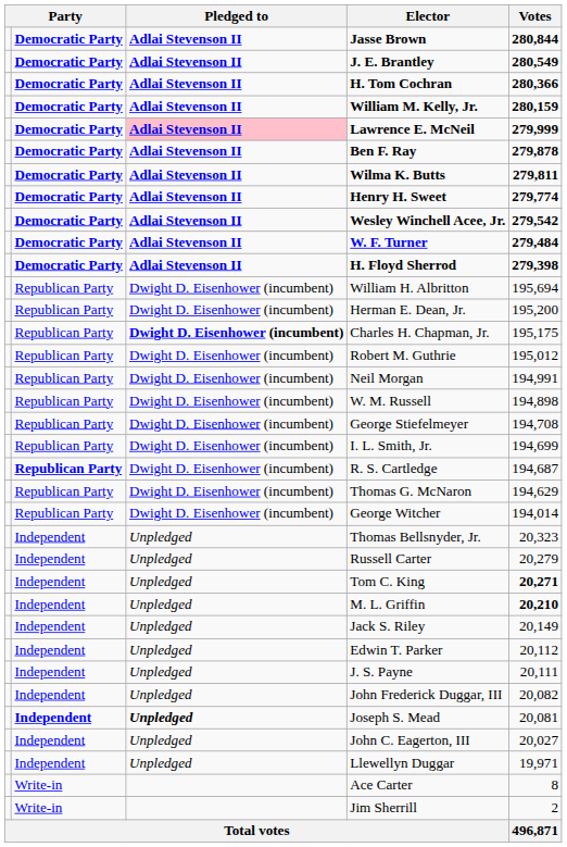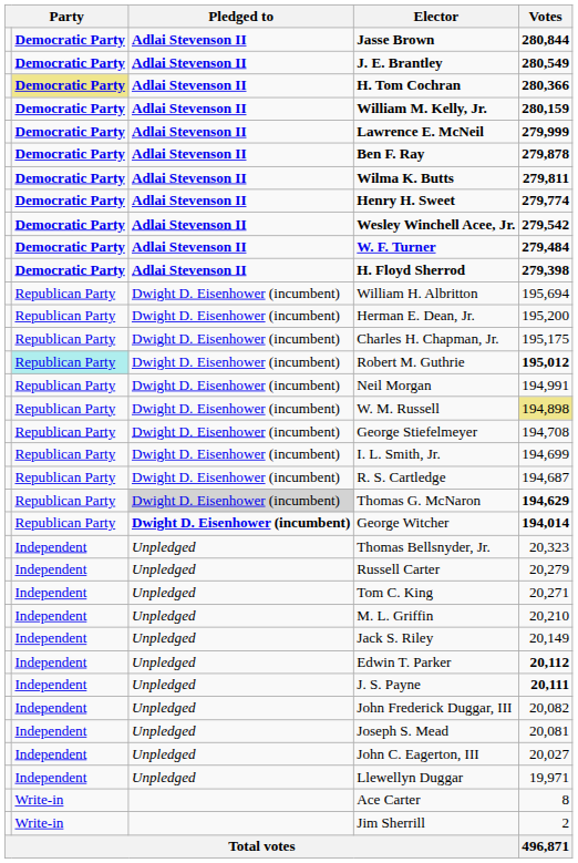 <table class="wikitable">
 <tr>
 <th colspan=2>Party</th>
 <th>Pledged to</th>
 <th>Elector</th>
 <th>Votes</th>
 </tr>
 <tr style="font-weight:bold">
 <td bgcolor=></td>
 <td><a href='#'>Democratic Party</a></td>
 <td><a href='#'>Adlai Stevenson II</a></td>
 <td>Jasse Brown</td>
 <td align=right>280,844</td>
 </tr>
 <tr style="font-weight:bold">
 <td bgcolor=></td>
 <td><a href='#'>Democratic Party</a></td>
 <td><a href='#'>Adlai Stevenson II</a></td>
 <td>J. E. Brantley</td>
 <td align=right>280,549</td>
 </tr>
 <tr style="font-weight:bold">
 <td bgcolor=></td>
-<td><a href='#'>Democratic Party</a></td>
+<td style="background: khaki;"><a href='#'>Democratic Party</a></td>
 <td><a href='#'>Adlai Stevenson II</a></td>
 <td>H. Tom Cochran</td>
 <td align=right>280,366</td>
 </tr>
 <tr style="font-weight:bold">
 <td bgcolor=></td>
 <td><a href='#'>Democratic Party</a></td>
 <td><a href='#'>Adlai Stevenson II</a></td>
 <td>William M. Kelly, Jr.</td>
 <td align=right>280,159</td>
 </tr>
 <tr style="font-weight:bold">
 <td bgcolor=></td>
 <td><a href='#'>Democratic Party</a></td>
-<td style="background: pink;"><a href='#'>Adlai Stevenson II</a></td>
+<td><a href='#'>Adlai Stevenson II</a></td>
 <td>Lawrence E. McNeil</td>
 <td align=right>279,999</td>
 </tr>
 <tr style="font-weight:bold">
 <td bgcolor=></td>
 <td><a href='#'>Democratic Party</a></td>
 <td><a href='#'>Adlai Stevenson II</a></td>
 <td>Ben F. Ray</td>
 <td align=right>279,878</td>
 </tr>
 <tr style="font-weight:bold">
 <td bgcolor=></td>
 <td><a href='#'>Democratic Party</a></td>
 <td><a href='#'>Adlai Stevenson II</a></td>
 <td>Wilma K. Butts</td>
 <td align=right>279,811</td>
 </tr>
 <tr style="font-weight:bold">
 <td bgcolor=></td>
 <td><a href='#'>Democratic Party</a></td>
 <td><a href='#'>Adlai Stevenson II</a></td>
 <td>Henry H. Sweet</td>
 <td align=right>279,774</td>
 </tr>
 <tr style="font-weight:bold">
 <td bgcolor=></td>
 <td><a href='#'>Democratic Party</a></td>
 <td><a href='#'>Adlai Stevenson II</a></td>
 <td>Wesley Winchell Acee, Jr.</td>
 <td align=right>279,542</td>
 </tr>
 <tr style="font-weight:bold">
 <td bgcolor=></td>
 <td><a href='#'>Democratic Party</a></td>
 <td><a href='#'>Adlai Stevenson II</a></td>
 <td><a href='#'>W. F. Turner</a></td>
 <td align=right>279,484</td>
 </tr>
 <tr style="font-weight:bold">
 <td bgcolor=></td>
 <td><a href='#'>Democratic Party</a></td>
 <td><a href='#'>Adlai Stevenson II</a></td>
 <td>H. Floyd Sherrod</td>
 <td align=right>279,398</td>
 </tr>
 <tr>
 <td bgcolor=></td>
 <td><a href='#'>Republican Party</a></td>
 <td><a href='#'>Dwight D. Eisenhower</a> (incumbent)</td>
 <td>William H. Albritton</td>
 <td align=right>195,694</td>
 </tr>
 <tr>
 <td bgcolor=></td>
 <td><a href='#'>Republican Party</a></td>
 <td><a href='#'>Dwight D. Eisenhower</a> (incumbent)</td>
 <td>Herman E. Dean, Jr.</td>
 <td align=right>195,200</td>
 </tr>
 <tr>
 <td bgcolor=></td>
 <td><a href='#'>Republican Party</a></td>
-<td><strong><a href='#'>Dwight D. Eisenhower</a> (incumbent)</strong></td>
+<td><a href='#'>Dwight D. Eisenhower</a> (incumbent)</td>
 <td>Charles H. Chapman, Jr.</td>
 <td align=right>195,175</td>
 </tr>
 <tr>
 <td bgcolor=></td>
-<td><a href='#'>Republican Party</a></td>
+<td style="background: paleturquoise;"><a href='#'>Republican Party</a></td>
 <td><a href='#'>Dwight D. Eisenhower</a> (incumbent)</td>
 <td>Robert M. Guthrie</td>
-<td align=right>195,012</td>
+<td align=right><strong>195,012</strong></td>
 </tr>
 <tr>
 <td bgcolor=></td>
 <td><a href='#'>Republican Party</a></td>
 <td><a href='#'>Dwight D. Eisenhower</a> (incumbent)</td>
 <td>Neil Morgan</td>
 <td align=right>194,991</td>
 </tr>
 <tr>
 <td bgcolor=></td>
 <td><a href='#'>Republican Party</a></td>
 <td><a href='#'>Dwight D. Eisenhower</a> (incumbent)</td>
 <td>W. M. Russell</td>
-<td align=right>194,898</td>
+<td align=right style="background: khaki;">194,898</td>
 </tr>
 <tr>
 <td bgcolor=></td>
 <td><a href='#'>Republican Party</a></td>
 <td><a href='#'>Dwight D. Eisenhower</a> (incumbent)</td>
 <td>George Stiefelmeyer</td>
 <td align=right>194,708</td>
 </tr>
 <tr>
 <td bgcolor=></td>
 <td><a href='#'>Republican Party</a></td>
 <td><a href='#'>Dwight D. Eisenhower</a> (incumbent)</td>
 <td>I. L. Smith, Jr.</td>
 <td align=right>194,699</td>
 </tr>
 <tr>
 <td bgcolor=></td>
-<td><strong><a href='#'>Republican Party</a></strong></td>
+<td><a href='#'>Republican Party</a></td>
 <td><a href='#'>Dwight D. Eisenhower</a> (incumbent)</td>
 <td>R. S. Cartledge</td>
 <td align=right>194,687</td>
 </tr>
 <tr>
 <td bgcolor=></td>
 <td><a href='#'>Republican Party</a></td>
-<td><a href='#'>Dwight D. Eisenhower</a> (incumbent)</td>
+<td style="background: lightgrey;"><a href='#'>Dwight D. Eisenhower</a> (incumbent)</td>
 <td>Thomas G. McNaron</td>
-<td align=right>194,629</td>
+<td align=right><strong>194,629</strong></td>
 </tr>
 <tr>
 <td bgcolor=></td>
 <td><a href='#'>Republican Party</a></td>
-<td><a href='#'>Dwight D. Eisenhower</a> (incumbent)</td>
+<td><strong><a href='#'>Dwight D. Eisenhower</a> (incumbent)</strong></td>
 <td>George Witcher</td>
-<td align=right>194,014</td>
+<td align=right><strong>194,014</strong></td>
 </tr>
 <tr>
 <td bgcolor=></td>
 <td><a href='#'>Independent</a></td>
 <td><em>Unpledged</em></td>
 <td>Thomas Bellsnyder, Jr.</td>
 <td align=right>20,323</td>
 </tr>
 <tr>
 <td bgcolor=></td>
 <td><a href='#'>Independent</a></td>
 <td><em>Unpledged</em></td>
 <td>Russell Carter</td>
 <td align=right>20,279</td>
 </tr>
 <tr>
 <td bgcolor=></td>
 <td><a href='#'>Independent</a></td>
 <td><em>Unpledged</em></td>
 <td>Tom C. King</td>
-<td align=right><strong>20,271</strong></td>
+<td align=right>20,271</td>
 </tr>
 <tr>
 <td bgcolor=></td>
 <td><a href='#'>Independent</a></td>
 <td><em>Unpledged</em></td>
 <td>M. L. Griffin</td>
-<td align=right><strong>20,210</strong></td>
+<td align=right>20,210</td>
 </tr>
 <tr>
 <td bgcolor=></td>
 <td><a href='#'>Independent</a></td>
 <td><em>Unpledged</em></td>
 <td>Jack S. Riley</td>
 <td align=right>20,149</td>
 </tr>
 <tr>
 <td bgcolor=></td>
 <td><a href='#'>Independent</a></td>
 <td><em>Unpledged</em></td>
 <td>Edwin T. Parker</td>
-<td align=right>20,112</td>
+<td align=right><strong>20,112</strong></td>
 </tr>
 <tr>
 <td bgcolor=></td>
 <td><a href='#'>Independent</a></td>
 <td><em>Unpledged</em></td>
 <td>J. S. Payne</td>
-<td align=right>20,111</td>
+<td align=right><strong>20,111</strong></td>
 </tr>
 <tr>
 <td bgcolor=></td>
 <td><a href='#'>Independent</a></td>
 <td><em>Unpledged</em></td>
 <td>John Frederick Duggar, III</td>
 <td align=right>20,082</td>
 </tr>
 <tr>
 <td bgcolor=></td>
-<td><strong><a href='#'>Independent</a></strong></td>
-<td><strong><em>Unpledged</em></strong></td>
+<td><a href='#'>Independent</a></td>
+<td><em>Unpledged</em></td>
 <td>Joseph S. Mead</td>
 <td align=right>20,081</td>
 </tr>
 <tr>
 <td bgcolor=></td>
 <td><a href='#'>Independent</a></td>
 <td><em>Unpledged</em></td>
 <td>John C. Eagerton, III</td>
 <td align=right>20,027</td>
 </tr>
 <tr>
 <td bgcolor=></td>
 <td><a href='#'>Independent</a></td>
 <td><em>Unpledged</em></td>
 <td>Llewellyn Duggar</td>
 <td align=right>19,971</td>
 </tr>
 <tr>
 <td bgcolor=></td>
 <td><a href='#'>Write-in</a></td>
 <td></td>
 <td>Ace Carter</td>
 <td align=right>8</td>
 </tr>
 <tr>
 <td bgcolor=></td>
 <td><a href='#'>Write-in</a></td>
 <td></td>
 <td>Jim Sherrill</td>
 <td align=right>2</td>
 </tr>
 <tr>
 <th colspan=4>Total votes</th>
 <th>496,871</th>
 </tr>
 </table>
